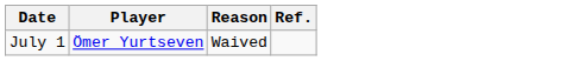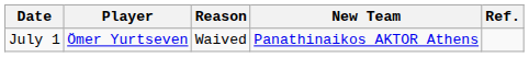 <table class="wikitable sortable sortable" style="text-align: center">
 <tr>
 <th>Date</th>
 <th>Player</th>
 <th>Reason</th>
+<th>New Team</th>
 <th>Ref.</th>
 </tr>
 <tr>
 <td>July 1</td>
 <td><a href='#'>Ömer Yurtseven</a></td>
 <td>Waived</td>
+<td> <a href='#'>Panathinaikos AKTOR Athens</a></td>
 <td></td>
 </tr>
 </table>
